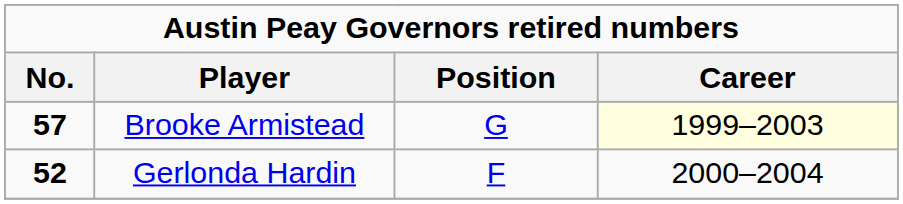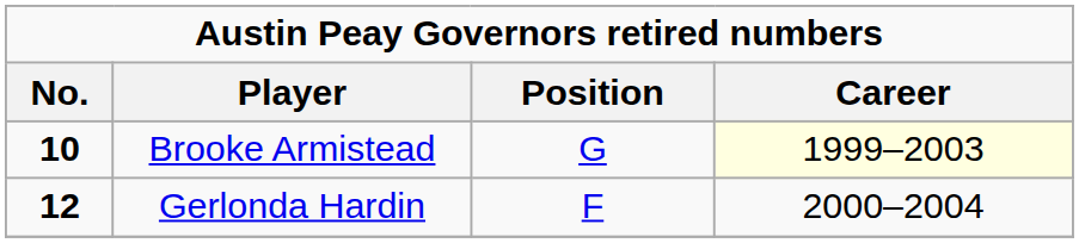 <table class="wikitable sortable" style="text-align:center">
 <tr>
 <td colspan="5"><strong>Austin Peay Governors retired numbers</strong></td>
 </tr>
 <tr>
 <th width=40px>No.</th>
 <th width=150px>Player</th>
 <th width=100px>Position</th>
 <th width=150px>Career</th>
 </tr>
 <tr>
-<td><strong>57</strong></td>
+<td><strong>10</strong></td>
 <td><a href='#'>Brooke Armistead</a></td>
 <td><a href='#'>G</a></td>
 <td style="background: lightyellow;">1999–2003</td>
 </tr>
 <tr>
-<td><strong>52</strong></td>
+<td><strong>12</strong></td>
 <td><a href='#'>Gerlonda Hardin</a></td>
 <td><a href='#'>F</a></td>
 <td>2000–2004</td>
 </tr>
 <tr>
 </tr>
 </table>
